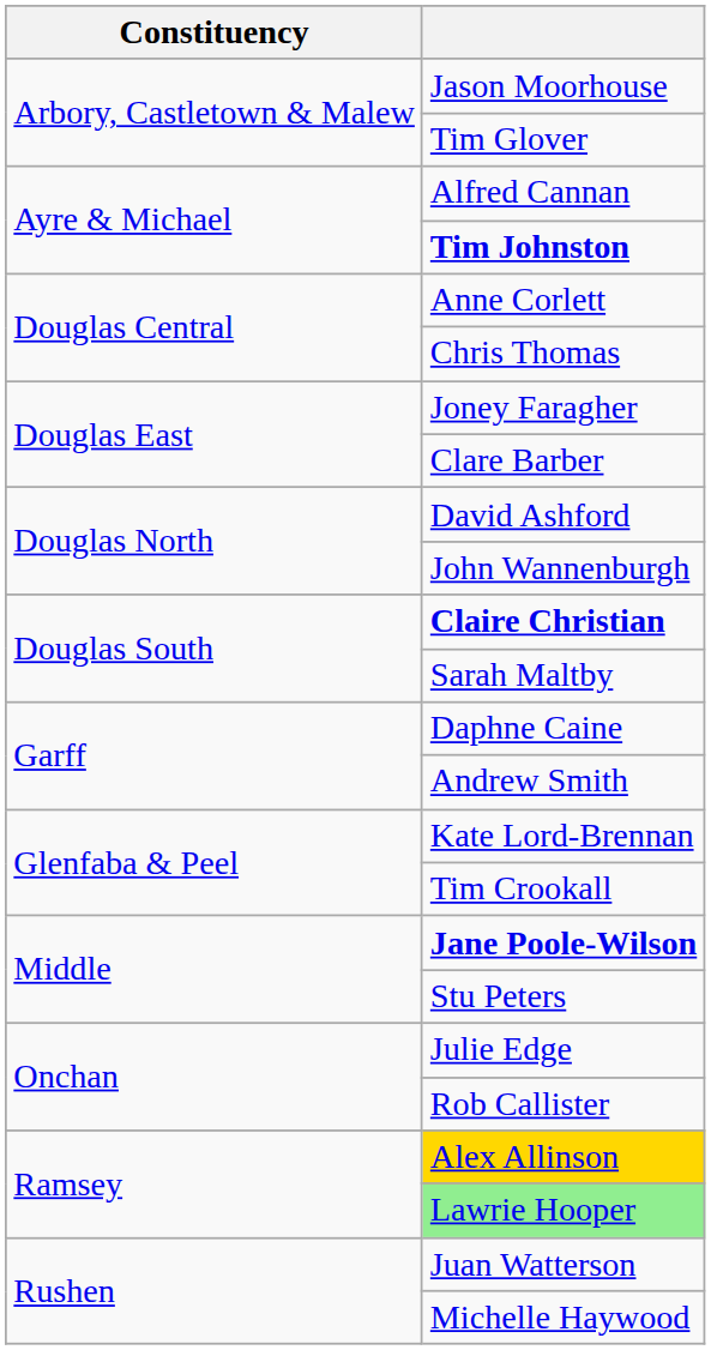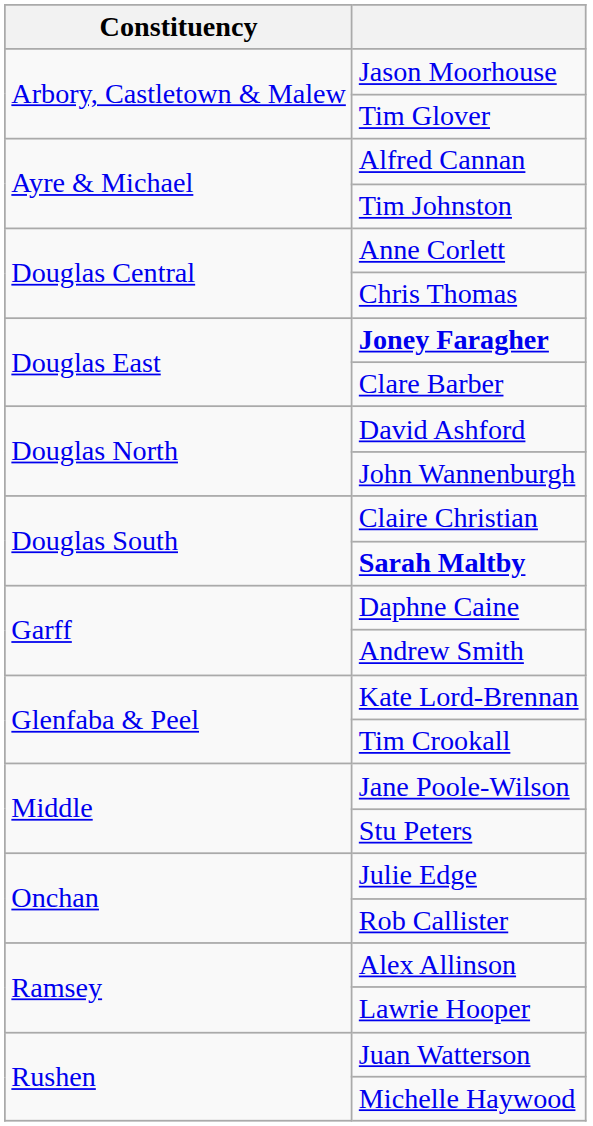 <table class="wikitable sortable">
 <tr>
 <th>Constituency</th>
 <th></th>
 </tr>
 <tr>
 <td rowspan=2><a href='#'>Arbory, Castletown & Malew</a></td>
 <td><a href='#'>Jason Moorhouse</a></td>
 </tr>
 <tr>
 <td><a href='#'>Tim Glover</a></td>
 </tr>
 <tr>
 <td rowspan=2><a href='#'>Ayre & Michael</a></td>
 <td><a href='#'>Alfred Cannan</a></td>
 </tr>
 <tr>
-<td><strong><a href='#'>Tim Johnston</a></strong></td>
+<td><a href='#'>Tim Johnston</a></td>
 </tr>
 <tr>
 <td rowspan=2><a href='#'>Douglas Central</a></td>
 <td><a href='#'>Anne Corlett</a></td>
 </tr>
 <tr>
 <td><a href='#'>Chris Thomas</a></td>
 </tr>
 <tr>
 <td rowspan=2><a href='#'>Douglas East</a></td>
-<td><a href='#'>Joney Faragher</a></td>
+<td><strong><a href='#'>Joney Faragher</a></strong></td>
 </tr>
 <tr>
 <td><a href='#'>Clare Barber</a></td>
 </tr>
 <tr>
 <td rowspan=2><a href='#'>Douglas North</a></td>
 <td><a href='#'>David Ashford</a></td>
 </tr>
 <tr>
 <td><a href='#'>John Wannenburgh</a></td>
 </tr>
 <tr>
 <td rowspan=2><a href='#'>Douglas South</a></td>
-<td><strong><a href='#'>Claire Christian</a></strong></td>
+<td><a href='#'>Claire Christian</a></td>
 </tr>
 <tr>
-<td><a href='#'>Sarah Maltby</a></td>
+<td><strong><a href='#'>Sarah Maltby</a></strong></td>
 </tr>
 <tr>
 <td rowspan=2><a href='#'>Garff</a></td>
 <td><a href='#'>Daphne Caine</a></td>
 </tr>
 <tr>
 <td><a href='#'>Andrew Smith</a></td>
 </tr>
 <tr>
 <td rowspan=2><a href='#'>Glenfaba & Peel</a></td>
 <td><a href='#'>Kate Lord-Brennan</a></td>
 </tr>
 <tr>
 <td><a href='#'>Tim Crookall</a></td>
 </tr>
 <tr>
 <td rowspan=2><a href='#'>Middle</a></td>
-<td><strong><a href='#'>Jane Poole-Wilson</a></strong></td>
+<td><a href='#'>Jane Poole-Wilson</a></td>
 </tr>
 <tr>
 <td><a href='#'>Stu Peters</a></td>
 </tr>
 <tr>
 <td rowspan=2><a href='#'>Onchan</a></td>
 <td><a href='#'>Julie Edge</a></td>
 </tr>
 <tr>
 <td><a href='#'>Rob Callister</a></td>
 </tr>
 <tr>
 <td rowspan=2><a href='#'>Ramsey</a></td>
-<td style="background: gold;"><a href='#'>Alex Allinson</a></td>
+<td><a href='#'>Alex Allinson</a></td>
 </tr>
 <tr>
-<td style="background: lightgreen;"><a href='#'>Lawrie Hooper</a></td>
+<td><a href='#'>Lawrie Hooper</a></td>
 </tr>
 <tr>
 <td rowspan=2><a href='#'>Rushen</a></td>
 <td><a href='#'>Juan Watterson</a></td>
 </tr>
 <tr>
 <td><a href='#'>Michelle Haywood</a></td>
 </tr>
 </table>
